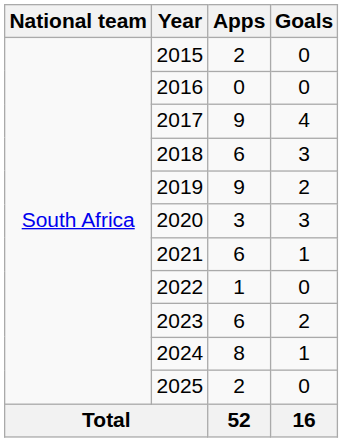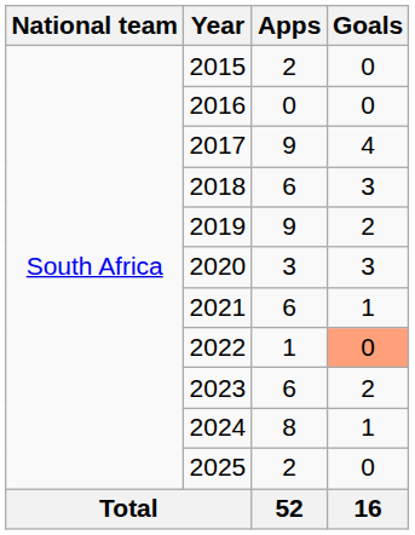 <table class="wikitable" style="text-align:center">
 <tr>
 <th>National team</th>
 <th>Year</th>
 <th>Apps</th>
 <th>Goals</th>
 </tr>
 <tr>
 <td rowspan="11"><a href='#'>South Africa</a></td>
 <td>2015</td>
 <td>2</td>
 <td>0</td>
 </tr>
 <tr>
 <td>2016</td>
 <td>0</td>
 <td>0</td>
 </tr>
 <tr>
 <td>2017</td>
 <td>9</td>
 <td>4</td>
 </tr>
 <tr>
 <td>2018</td>
 <td>6</td>
 <td>3</td>
 </tr>
 <tr>
 <td>2019</td>
 <td>9</td>
 <td>2</td>
 </tr>
 <tr>
 <td>2020</td>
 <td>3</td>
 <td>3</td>
 </tr>
 <tr>
 <td>2021</td>
 <td>6</td>
 <td>1</td>
 </tr>
 <tr>
 <td>2022</td>
 <td>1</td>
-<td>0</td>
+<td style="background: lightsalmon;">0</td>
 </tr>
 <tr>
 <td>2023</td>
 <td>6</td>
 <td>2</td>
 </tr>
 <tr>
 <td>2024</td>
 <td>8</td>
 <td>1</td>
 </tr>
 <tr>
 <td>2025</td>
 <td>2</td>
 <td>0</td>
 </tr>
 <tr>
 <th colspan="2">Total</th>
 <th>52</th>
 <th>16</th>
 </tr>
 </table>
